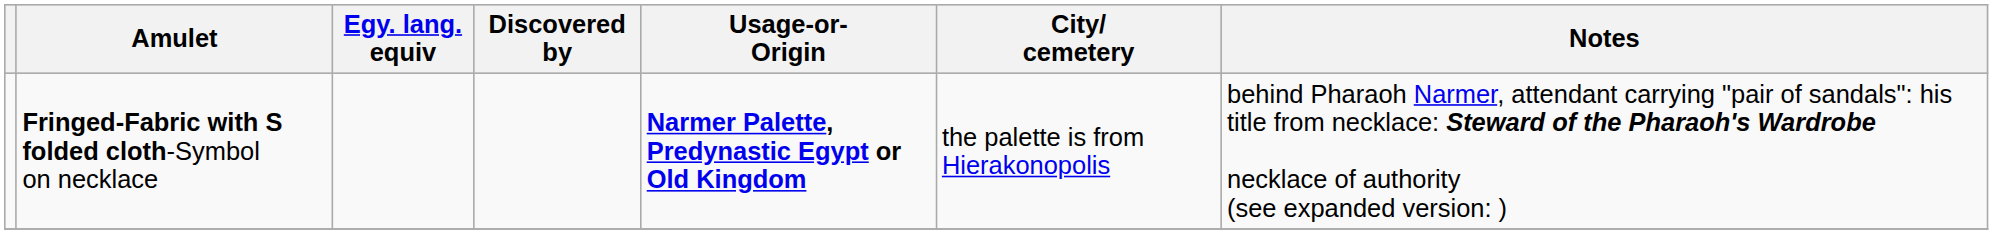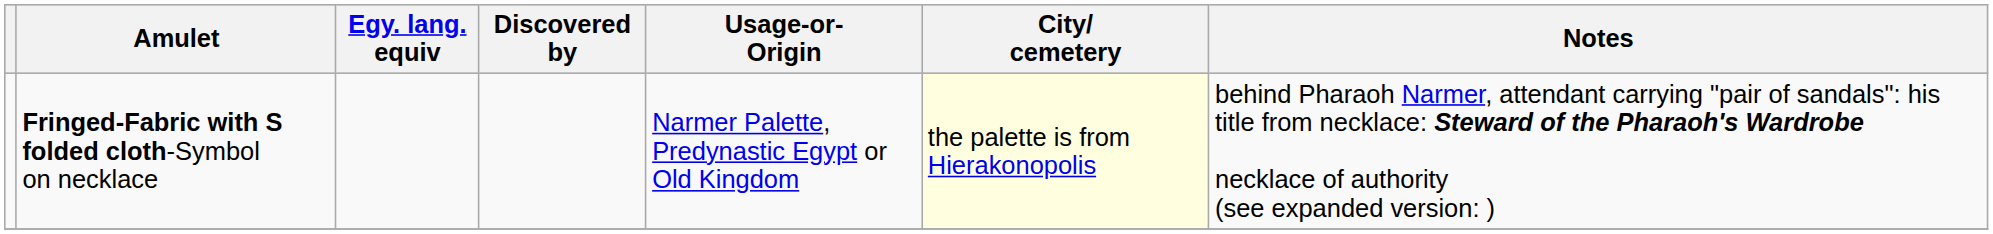 <table class="wikitable sortable">
 <tr style="background:#efefef;">
 <th></th>
 <th><strong>Amulet</strong></th>
 <th><a href='#'>Egy. lang.</a> equiv</th>
 <th>Discovered by</th>
 <th>Usage-or-<br>Origin</th>
 <th>City/<br>cemetery</th>
 <th>Notes</th>
 </tr>
 <tr>
 <td></td>
 <td><strong>Fringed-Fabric with S folded cloth</strong>-Symbol <br>on necklace</td>
 <td></td>
 <td></td>
-<td><strong><a href='#'>Narmer Palette</a>,<br><a href='#'>Predynastic Egypt</a> or <a href='#'>Old Kingdom</a></strong></td>
-<td>the palette is from <a href='#'>Hierakonopolis</a></td>
+<td><a href='#'>Narmer Palette</a>,<br><a href='#'>Predynastic Egypt</a> or <a href='#'>Old Kingdom</a></td>
+<td style="background: lightyellow;">the palette is from <a href='#'>Hierakonopolis</a></td>
 <td>behind Pharaoh <a href='#'>Narmer</a>, attendant carrying "pair of sandals": his title from necklace: <strong><em>Steward of the Pharaoh's Wardrobe</em></strong><br><br>necklace of authority<br>(see expanded version: )</td>
 </tr>
 <tr>
 </tr>
 </table>
